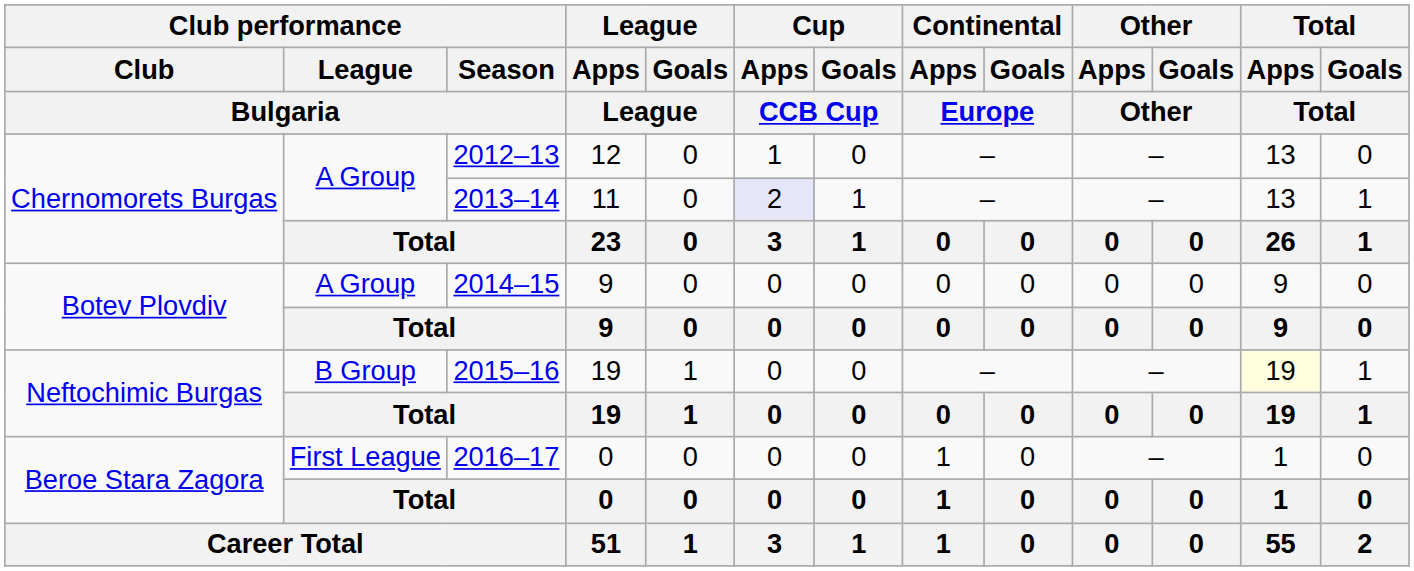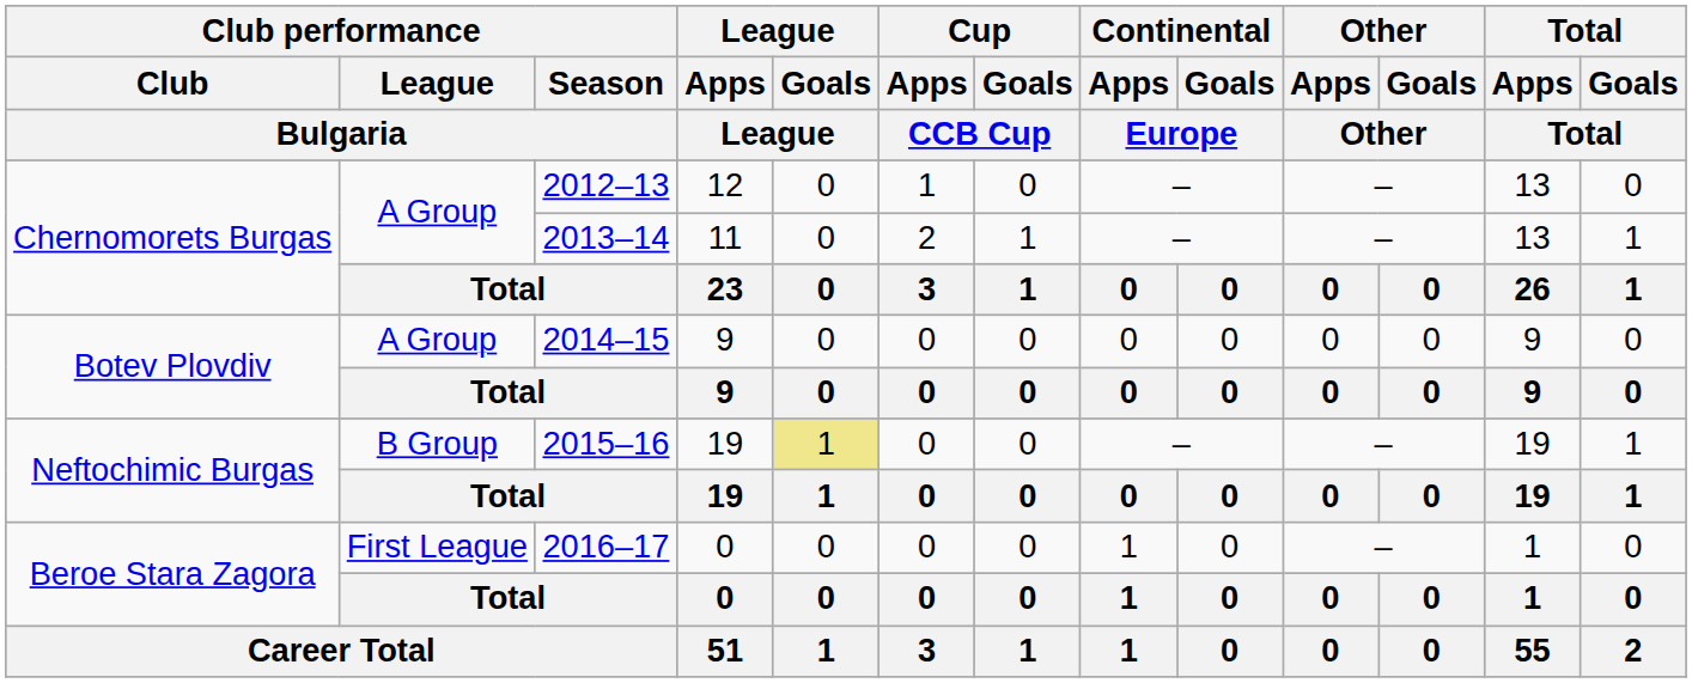 <table class="wikitable" style="text-align: center">
 <tr>
 <th Colspan="3">Club performance</th>
 <th Colspan="2">League</th>
 <th Colspan="2">Cup</th>
 <th Colspan="2">Continental</th>
 <th Colspan="2">Other</th>
 <th Colspan="3">Total</th>
 </tr>
 <tr>
 <th>Club</th>
 <th>League</th>
 <th>Season</th>
 <th>Apps</th>
 <th>Goals</th>
 <th>Apps</th>
 <th>Goals</th>
 <th>Apps</th>
 <th>Goals</th>
 <th>Apps</th>
 <th>Goals</th>
 <th>Apps</th>
 <th>Goals</th>
 </tr>
 <tr>
 <th Colspan="3">Bulgaria</th>
 <th Colspan="2">League</th>
 <th Colspan="2"><a href='#'>CCB Cup</a></th>
 <th Colspan="2"><a href='#'>Europe</a></th>
 <th Colspan="2">Other</th>
 <th Colspan="2">Total</th>
 </tr>
 <tr>
 <td rowspan="3" valign="center"><a href='#'>Chernomorets Burgas</a></td>
 <td rowspan="2"><a href='#'>A Group</a></td>
 <td><a href='#'>2012–13</a></td>
 <td>12</td>
 <td>0</td>
 <td>1</td>
 <td>0</td>
 <td colspan="2">–</td>
 <td colspan="2">–</td>
 <td>13</td>
 <td>0</td>
 </tr>
 <tr>
 <td><a href='#'>2013–14</a></td>
 <td>11</td>
 <td>0</td>
-<td style="background: lavender;">2</td>
+<td>2</td>
 <td>1</td>
 <td colspan="2">–</td>
 <td colspan="2">–</td>
 <td>13</td>
 <td>1</td>
 </tr>
 <tr>
 <th colspan=2>Total</th>
 <th>23</th>
 <th>0</th>
 <th>3</th>
 <th>1</th>
 <th>0</th>
 <th>0</th>
 <th>0</th>
 <th>0</th>
 <th>26</th>
 <th>1</th>
 </tr>
 <tr>
 <td rowspan="2" valign="center"><a href='#'>Botev Plovdiv</a></td>
 <td rowspan="1"><a href='#'>A Group</a></td>
 <td><a href='#'>2014–15</a></td>
 <td>9</td>
 <td>0</td>
 <td>0</td>
 <td>0</td>
 <td>0</td>
 <td>0</td>
 <td>0</td>
 <td>0</td>
 <td>9</td>
 <td>0</td>
 </tr>
 <tr>
 <th colspan=2>Total</th>
 <th>9</th>
 <th>0</th>
 <th>0</th>
 <th>0</th>
 <th>0</th>
 <th>0</th>
 <th>0</th>
 <th>0</th>
 <th>9</th>
 <th>0</th>
 </tr>
 <tr>
 <td rowspan="2" valign="center"><a href='#'>Neftochimic Burgas</a></td>
 <td rowspan="1"><a href='#'>B Group</a></td>
 <td><a href='#'>2015–16</a></td>
 <td>19</td>
-<td>1</td>
+<td style="background: khaki;">1</td>
 <td>0</td>
 <td>0</td>
 <td colspan="2">–</td>
 <td colspan="2">–</td>
-<td style="background: lightyellow;">19</td>
+<td>19</td>
 <td>1</td>
 </tr>
 <tr>
 <th colspan=2>Total</th>
 <th>19</th>
 <th>1</th>
 <th>0</th>
 <th>0</th>
 <th>0</th>
 <th>0</th>
 <th>0</th>
 <th>0</th>
 <th>19</th>
 <th>1</th>
 </tr>
 <tr>
 <td rowspan="2" valign="center"><a href='#'>Beroe Stara Zagora</a></td>
 <td rowspan="1"><a href='#'>First League</a></td>
 <td><a href='#'>2016–17</a></td>
 <td>0</td>
 <td>0</td>
 <td>0</td>
 <td>0</td>
 <td>1</td>
 <td>0</td>
 <td colspan="2">–</td>
 <td>1</td>
 <td>0</td>
 </tr>
 <tr>
 <th colspan=2>Total</th>
 <th>0</th>
 <th>0</th>
 <th>0</th>
 <th>0</th>
 <th>1</th>
 <th>0</th>
 <th>0</th>
 <th>0</th>
 <th>1</th>
 <th>0</th>
 </tr>
 <tr>
 <th colspan=3>Career Total</th>
 <th>51</th>
 <th>1</th>
 <th>3</th>
 <th>1</th>
 <th>1</th>
 <th>0</th>
 <th>0</th>
 <th>0</th>
 <th>55</th>
 <th>2</th>
 </tr>
 </table>
